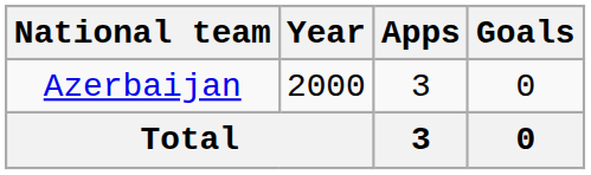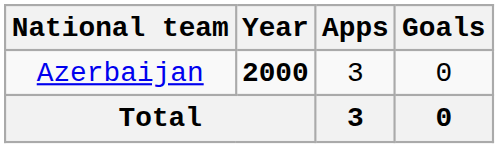 <table class="wikitable" style="text-align:center">
 <tr>
 <th>National team</th>
 <th>Year</th>
 <th>Apps</th>
 <th>Goals</th>
 </tr>
 <tr>
 <td><a href='#'>Azerbaijan</a></td>
-<td>2000</td>
+<td><strong>2000</strong></td>
 <td>3</td>
 <td>0</td>
 </tr>
 <tr>
 <th colspan="2">Total</th>
 <th>3</th>
 <th>0</th>
 </tr>
 </table>
